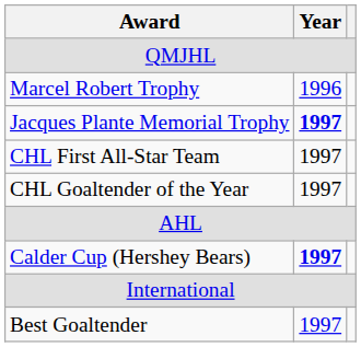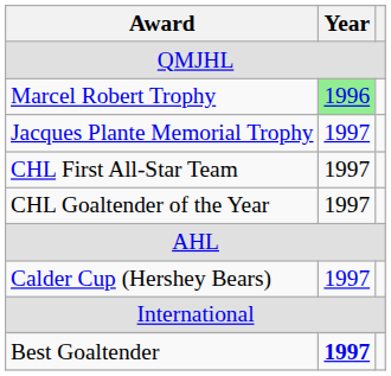 <table class="wikitable">
 <tr>
 <th>Award</th>
 <th>Year</th>
 <th></th>
 </tr>
 <tr ALIGN="center" bgcolor="#e0e0e0">
 <td colspan="3"><a href='#'>QMJHL</a></td>
 </tr>
 <tr>
 <td><a href='#'>Marcel Robert Trophy</a></td>
-<td><a href='#'>1996</a></td>
+<td style="background: lightgreen;"><a href='#'>1996</a></td>
 <td></td>
 </tr>
 <tr>
 <td><a href='#'>Jacques Plante Memorial Trophy</a></td>
-<td><strong><a href='#'>1997</a></strong></td>
+<td><a href='#'>1997</a></td>
 <td></td>
 </tr>
 <tr>
 <td><a href='#'>CHL</a> First All-Star Team</td>
 <td>1997</td>
 <td></td>
 </tr>
 <tr>
 <td>CHL Goaltender of the Year</td>
 <td>1997</td>
 <td></td>
 </tr>
 <tr ALIGN="center" bgcolor="#e0e0e0">
 <td colspan="3"><a href='#'>AHL</a></td>
 </tr>
 <tr>
 <td><a href='#'>Calder Cup</a> (Hershey Bears)</td>
-<td><strong><a href='#'>1997</a></strong></td>
+<td><a href='#'>1997</a></td>
 <td></td>
 </tr>
 <tr ALIGN="center" bgcolor="#e0e0e0">
 <td colspan="3"><a href='#'>International</a></td>
 </tr>
 <tr>
 <td>Best Goaltender</td>
-<td><a href='#'>1997</a></td>
+<td><strong><a href='#'>1997</a></strong></td>
 <td></td>
 </tr>
 </table>
